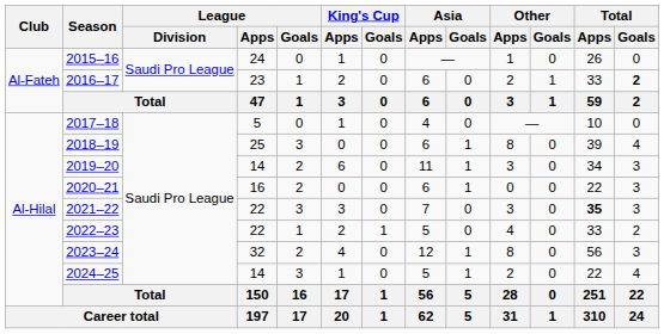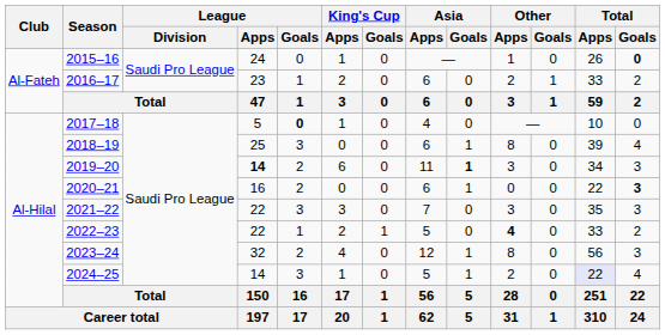 <table class="wikitable" style="text-align: center">
 <tr>
 <th rowspan=2>Club</th>
 <th rowspan=2>Season</th>
 <th colspan=3>League</th>
 <th colspan=2><a href='#'>King's Cup</a></th>
 <th colspan=2>Asia</th>
 <th colspan=2>Other</th>
 <th colspan=2>Total</th>
 </tr>
 <tr>
 <th>Division</th>
 <th>Apps</th>
 <th>Goals</th>
 <th>Apps</th>
 <th>Goals</th>
 <th>Apps</th>
 <th>Goals</th>
 <th>Apps</th>
 <th>Goals</th>
 <th>Apps</th>
 <th>Goals</th>
 </tr>
 <tr>
 <td rowspan="3"><a href='#'>Al-Fateh</a></td>
 <td><a href='#'>2015–16</a></td>
 <td rowspan="2"><a href='#'>Saudi Pro League</a></td>
 <td>24</td>
 <td>0</td>
 <td>1</td>
 <td>0</td>
 <td colspan=2>—</td>
 <td>1</td>
 <td>0</td>
 <td>26</td>
-<td>0</td>
+<td><strong>0</strong></td>
 </tr>
 <tr>
 <td><a href='#'>2016–17</a></td>
 <td>23</td>
 <td>1</td>
 <td>2</td>
 <td>0</td>
 <td>6</td>
 <td>0</td>
 <td>2</td>
 <td>1</td>
 <td>33</td>
-<td><strong>2</strong></td>
+<td>2</td>
 </tr>
 <tr>
 <th colspan="2">Total</th>
 <th>47</th>
 <th>1</th>
 <th>3</th>
 <th>0</th>
 <th>6</th>
 <th>0</th>
 <th>3</th>
 <th>1</th>
 <th>59</th>
 <th>2</th>
 </tr>
 <tr>
 <td rowspan="9"><a href='#'>Al-Hilal</a></td>
 <td><a href='#'>2017–18</a></td>
 <td rowspan="8">Saudi Pro League</td>
 <td>5</td>
-<td>0</td>
+<td><strong>0</strong></td>
 <td>1</td>
 <td>0</td>
 <td>4</td>
 <td>0</td>
 <td colspan=2>—</td>
 <td>10</td>
 <td>0</td>
 </tr>
 <tr>
 <td><a href='#'>2018–19</a></td>
 <td>25</td>
 <td>3</td>
 <td>0</td>
 <td>0</td>
 <td>6</td>
 <td>1</td>
 <td>8</td>
 <td>0</td>
 <td>39</td>
 <td>4</td>
 </tr>
 <tr>
 <td><a href='#'>2019–20</a></td>
-<td>14</td>
+<td><strong>14</strong></td>
 <td>2</td>
 <td>6</td>
 <td>0</td>
 <td>11</td>
-<td>1</td>
+<td><strong>1</strong></td>
 <td>3</td>
 <td>0</td>
 <td>34</td>
 <td>3</td>
 </tr>
 <tr>
 <td><a href='#'>2020–21</a></td>
 <td>16</td>
 <td>2</td>
 <td>0</td>
 <td>0</td>
 <td>6</td>
 <td>1</td>
 <td>0</td>
 <td>0</td>
 <td>22</td>
-<td>3</td>
+<td><strong>3</strong></td>
 </tr>
 <tr>
 <td><a href='#'>2021–22</a></td>
 <td>22</td>
 <td>3</td>
 <td>3</td>
 <td>0</td>
 <td>7</td>
 <td>0</td>
 <td>3</td>
 <td>0</td>
-<td><strong>35</strong></td>
+<td>35</td>
 <td>3</td>
 </tr>
 <tr>
 <td><a href='#'>2022–23</a></td>
 <td>22</td>
 <td>1</td>
 <td>2</td>
 <td>1</td>
 <td>5</td>
 <td>0</td>
-<td>4</td>
+<td><strong>4</strong></td>
 <td>0</td>
 <td>33</td>
 <td>2</td>
 </tr>
 <tr>
 <td><a href='#'>2023–24</a></td>
 <td>32</td>
 <td>2</td>
 <td>4</td>
 <td>0</td>
 <td>12</td>
 <td>1</td>
 <td>8</td>
 <td>0</td>
 <td>56</td>
 <td>3</td>
 </tr>
 <tr>
 <td><a href='#'>2024–25</a></td>
 <td>14</td>
 <td>3</td>
 <td>1</td>
 <td>0</td>
 <td>5</td>
 <td>1</td>
 <td>2</td>
 <td>0</td>
-<td>22</td>
+<td style="background: lavender;">22</td>
 <td>4</td>
 </tr>
 <tr>
 <th colspan="2">Total</th>
 <th>150</th>
 <th>16</th>
 <th>17</th>
 <th>1</th>
 <th>56</th>
 <th>5</th>
 <th>28</th>
 <th>0</th>
 <th>251</th>
 <th>22</th>
 </tr>
 <tr>
 <th colspan="3">Career total</th>
 <th>197</th>
 <th>17</th>
 <th>20</th>
 <th>1</th>
 <th>62</th>
 <th>5</th>
 <th>31</th>
 <th>1</th>
 <th>310</th>
 <th>24</th>
 </tr>
 </table>
